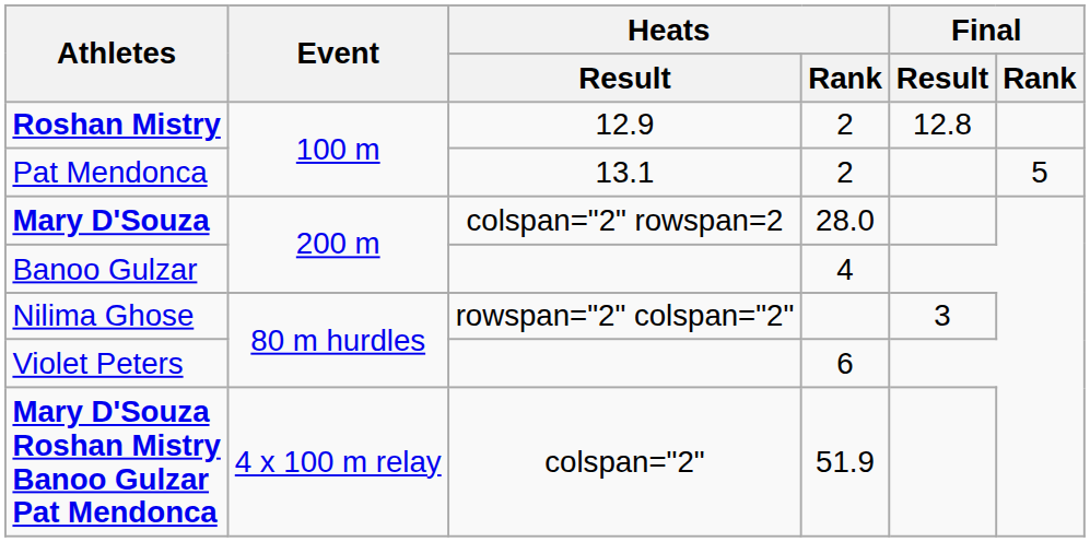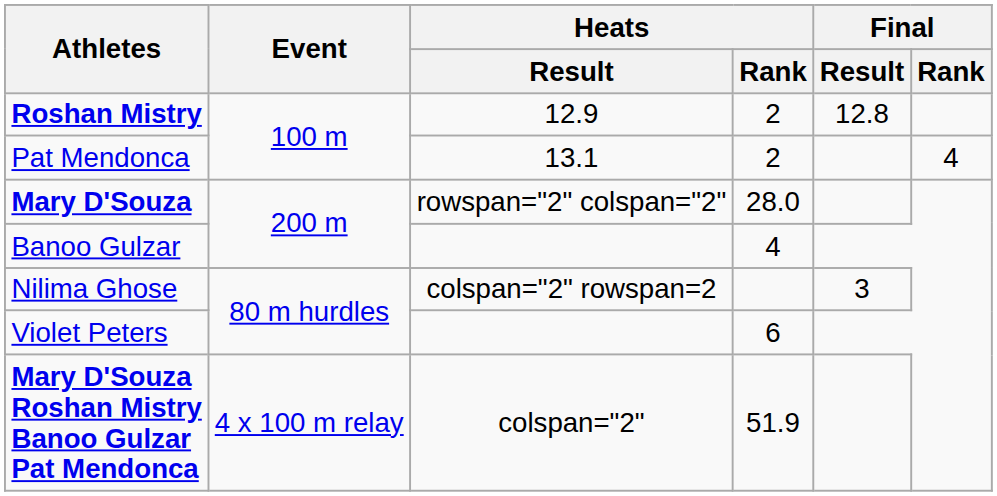 <table class="wikitable" style="text-align:center; font-size:90%">
 <tr>
 <th rowspan=2>Athletes</th>
 <th rowspan=2>Event</th>
 <th colspan=2>Heats</th>
 <th colspan=2>Final</th>
 </tr>
 <tr>
 <th>Result</th>
 <th>Rank</th>
 <th>Result</th>
 <th>Rank</th>
 </tr>
 <tr>
 <td style="text-align:left"><strong><a href='#'>Roshan Mistry</a></strong></td>
 <td rowspan=2><a href='#'>100 m</a></td>
 <td>12.9</td>
 <td>2 <strong></strong></td>
 <td>12.8</td>
 <td></td>
 </tr>
 <tr>
 <td style="text-align:left"><a href='#'>Pat Mendonca</a></td>
 <td>13.1</td>
 <td>2 <strong></strong></td>
 <td></td>
-<td>5</td>
+<td>4</td>
 </tr>
 <tr>
 <td style="text-align:left"><strong><a href='#'>Mary D'Souza</a></strong></td>
 <td rowspan=2><a href='#'>200 m</a></td>
-<td>colspan="2" rowspan=2 </td>
+<td>rowspan="2" colspan="2"</td>
 <td>28.0</td>
 <td></td>
 </tr>
 <tr>
 <td style="text-align:left"><a href='#'>Banoo Gulzar</a></td>
 <td></td>
 <td>4</td>
 </tr>
 <tr>
 <td style="text-align:left"><a href='#'>Nilima Ghose</a></td>
 <td rowspan="2"><a href='#'>80 m hurdles</a></td>
-<td>rowspan="2" colspan="2"</td>
+<td>colspan="2" rowspan=2 </td>
 <td></td>
 <td>3</td>
 </tr>
 <tr>
 <td style="text-align:left"><a href='#'>Violet Peters</a></td>
 <td></td>
 <td>6</td>
 </tr>
 <tr>
 <td style="text-align:left"><strong><a href='#'>Mary D'Souza</a><br><a href='#'>Roshan Mistry</a><br><a href='#'>Banoo Gulzar</a><br><a href='#'>Pat Mendonca</a></strong></td>
 <td><a href='#'>4 x 100 m relay</a></td>
 <td>colspan="2" </td>
 <td>51.9</td>
 <td></td>
 </tr>
 </table>
